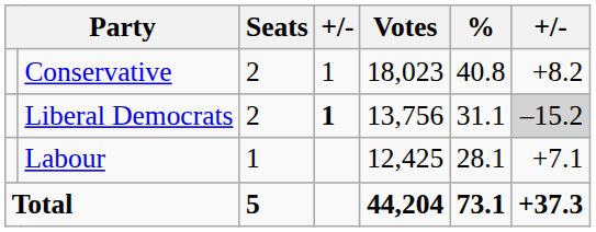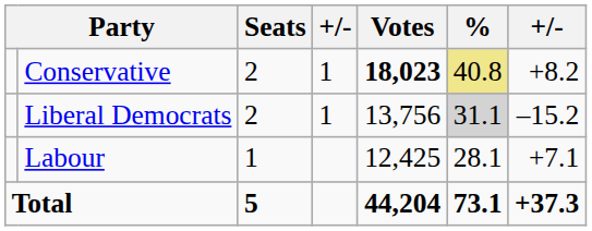 <table class="wikitable sortable">
 <tr>
 <th colspan="2">Party</th>
 <th>Seats</th>
 <th>+/-</th>
 <th>Votes</th>
 <th>%</th>
 <th>+/-</th>
 </tr>
 <tr>
 <td style="background-color: "></td>
 <td><a href='#'>Conservative</a></td>
 <td>2</td>
 <td> 1</td>
-<td style="text-align:right;">18,023</td>
-<td style="text-align:right;">40.8</td>
+<td style="text-align:right;"><strong>18,023</strong></td>
+<td style="background: khaki; text-align:right;">40.8</td>
 <td style="text-align:right;">+8.2</td>
 </tr>
 <tr>
 <td style="background-color: "></td>
 <td><a href='#'>Liberal Democrats</a></td>
 <td>2</td>
-<td><strong> 1</strong></td>
+<td> 1</td>
 <td style="text-align:right;">13,756</td>
-<td style="text-align:right;">31.1</td>
-<td style="background: lightgrey; text-align:right;">–15.2</td>
+<td style="background: lightgrey; text-align:right;">31.1</td>
+<td style="text-align:right;">–15.2</td>
 </tr>
 <tr>
 <td style="background-color: "></td>
 <td><a href='#'>Labour</a></td>
 <td>1</td>
 <td></td>
 <td style="text-align:right;">12,425</td>
 <td style="text-align:right;">28.1</td>
 <td style="text-align:right;">+7.1</td>
 </tr>
 <tr>
 <td colspan="2"><strong>Total</strong></td>
 <td><strong>5</strong></td>
 <td></td>
 <td style="text-align:right;"><strong>44,204</strong></td>
 <td style="text-align:right;"><strong>73.1</strong></td>
 <td style="text-align:right;"><strong>+37.3</strong></td>
 </tr>
 </table>
